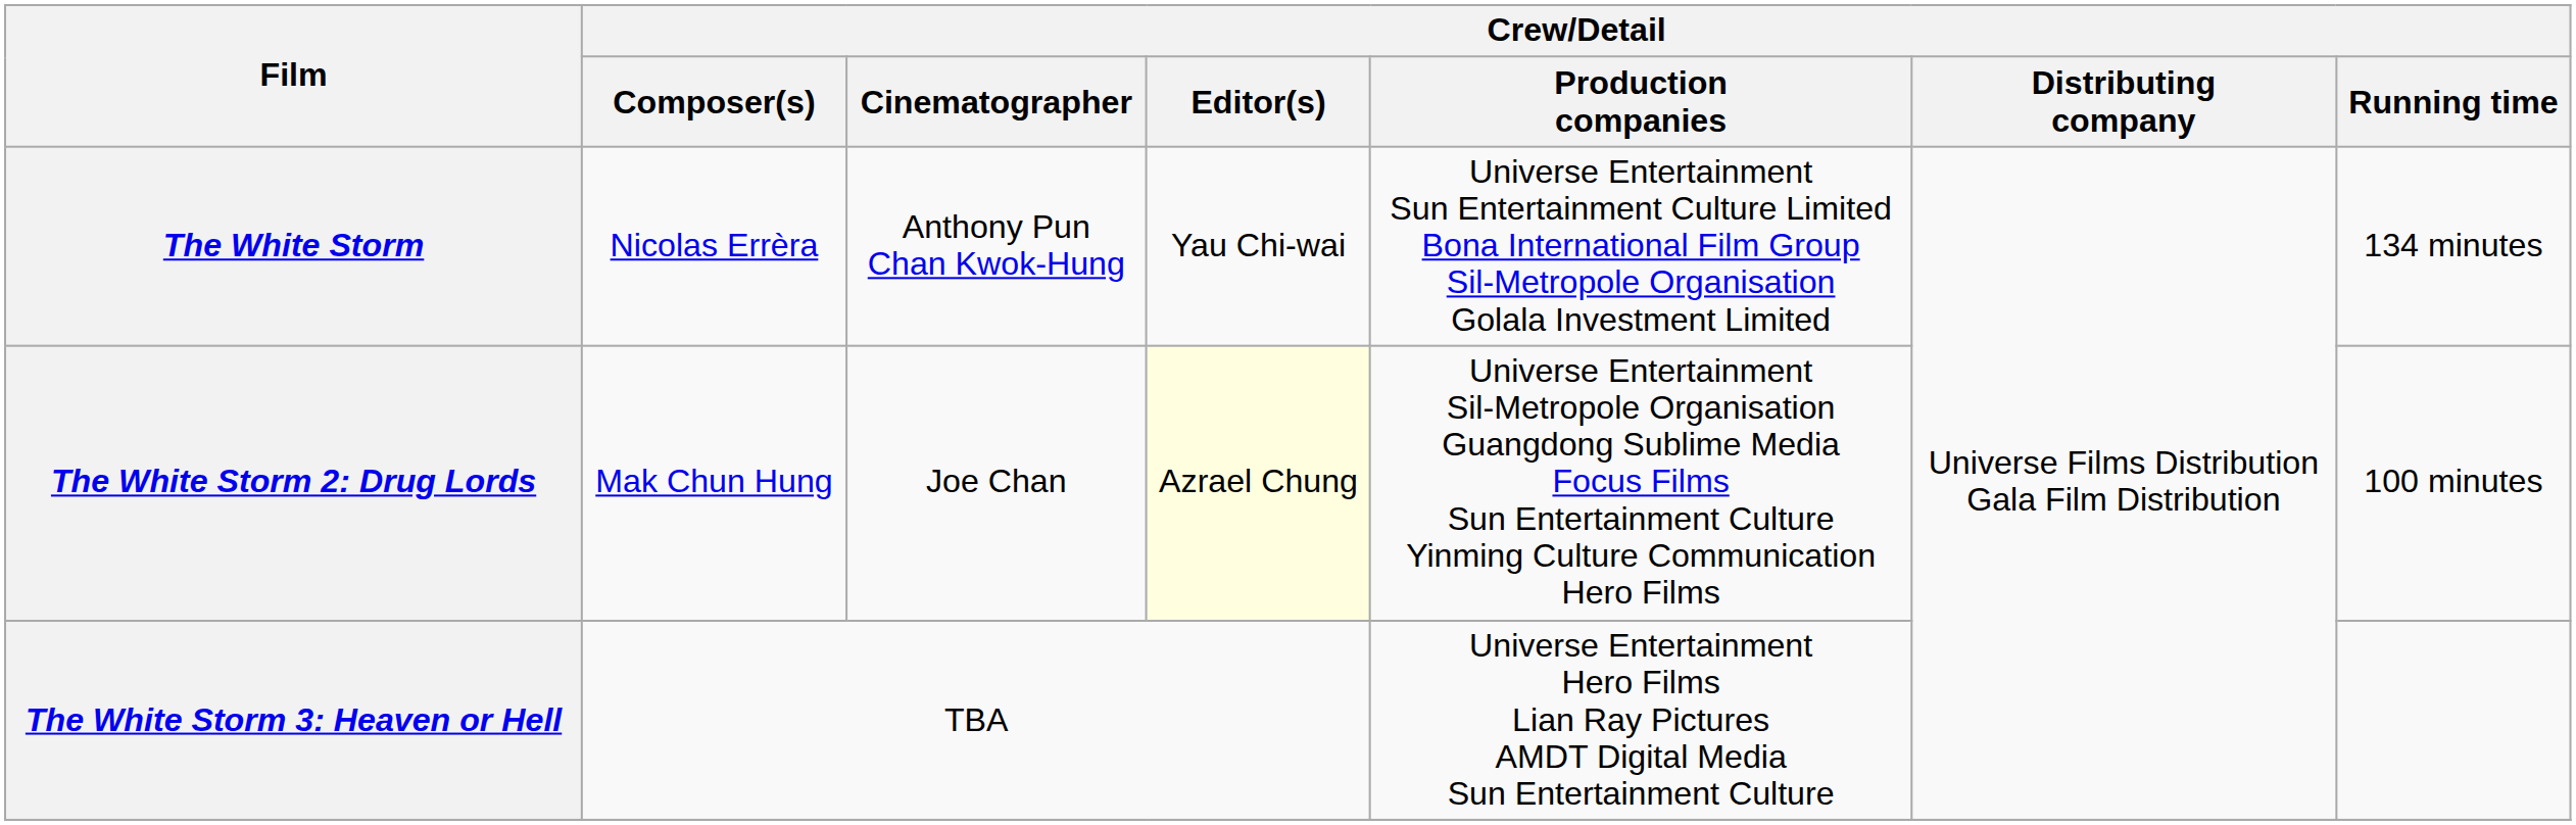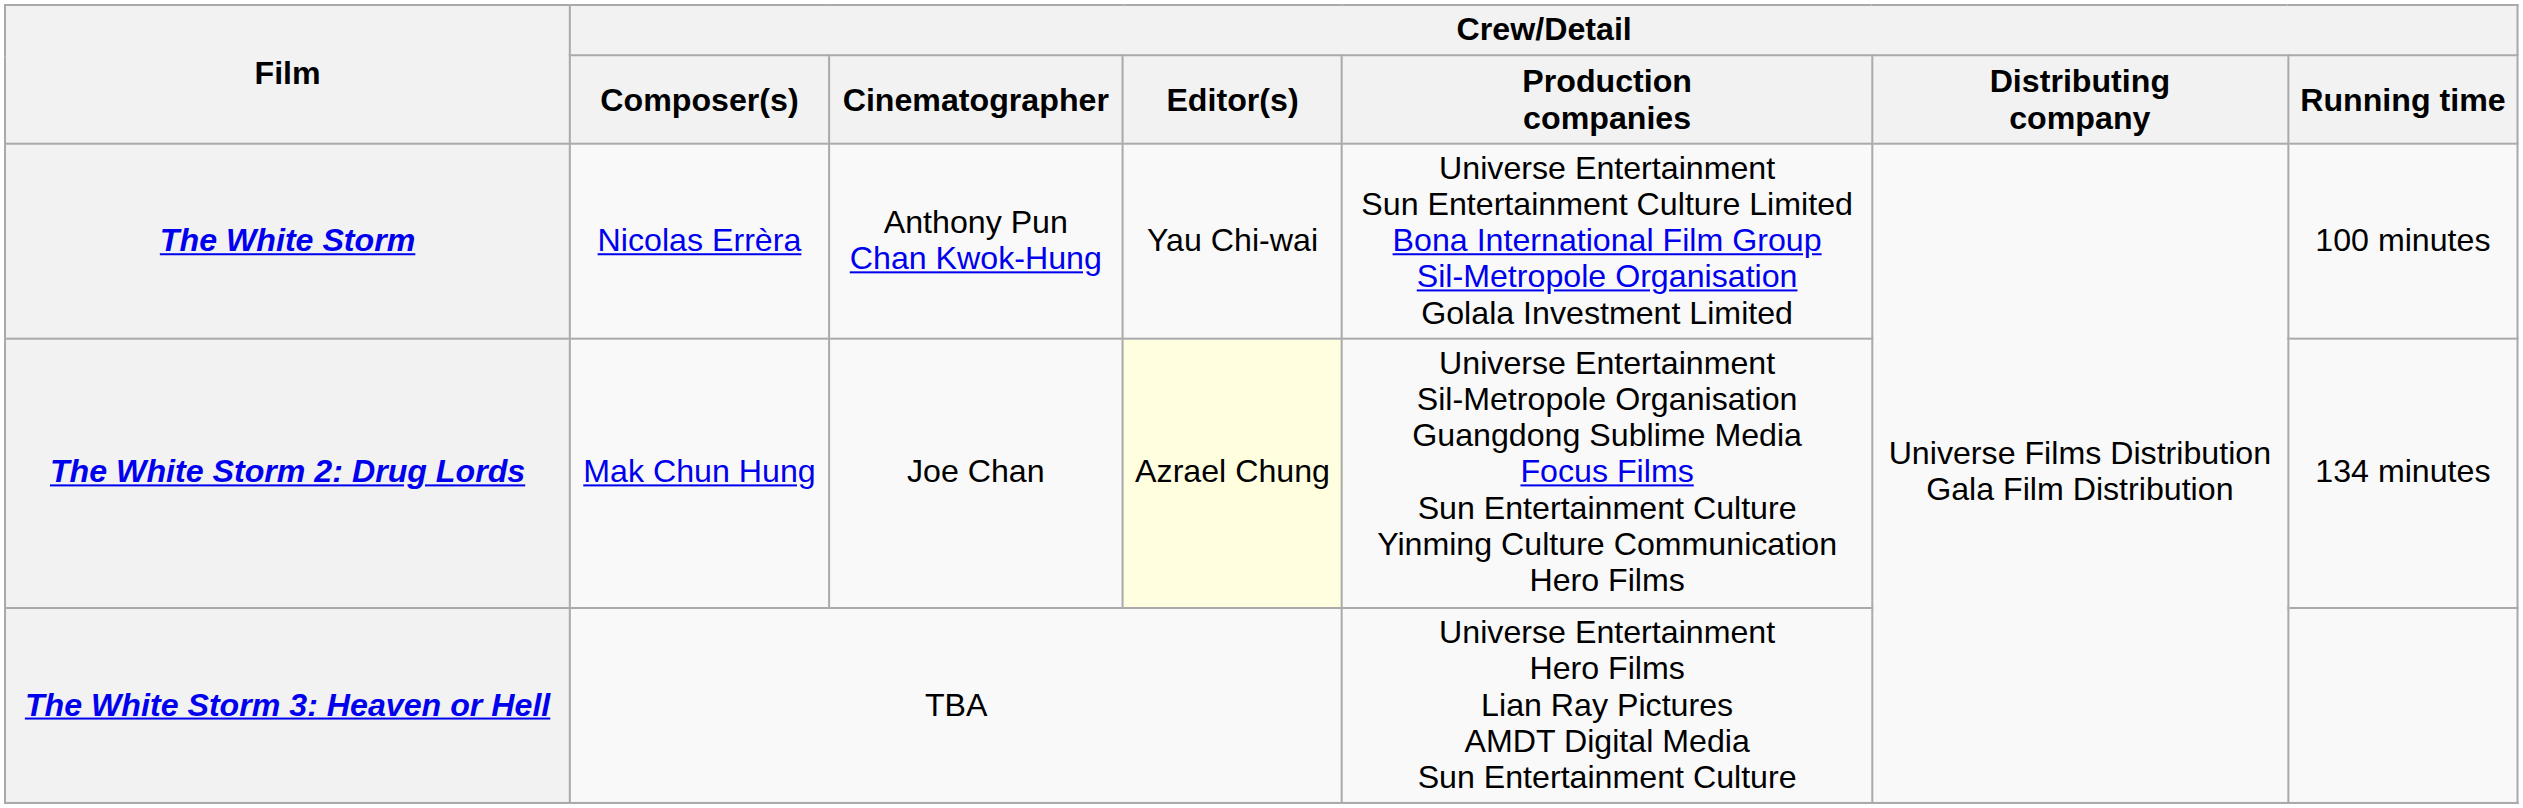 <table class="wikitable sortable" style="text-align:center; width:99%;">
 <tr>
 <th rowspan="2">Film</th>
 <th colspan="8">Crew/Detail</th>
 </tr>
 <tr>
 <th>Composer(s)</th>
 <th>Cinematographer</th>
 <th>Editor(s)</th>
 <th>Production<br>companies</th>
 <th>Distributing<br>company</th>
 <th>Running time</th>
 </tr>
 <tr>
 <th><em><a href='#'>The White Storm</a></em></th>
 <td><a href='#'>Nicolas Errèra</a></td>
 <td>Anthony Pun<br><a href='#'>Chan Kwok-Hung</a></td>
 <td>Yau Chi-wai</td>
 <td>Universe Entertainment <br> Sun Entertainment Culture Limited <br> <a href='#'>Bona International Film Group</a> <br> <a href='#'>Sil-Metropole Organisation</a> <br> Golala Investment Limited</td>
 <td rowspan="3">Universe Films Distribution <br>Gala Film Distribution </td>
-<td>134 minutes</td>
+<td>100 minutes</td>
 </tr>
 <tr>
 <th><em><a href='#'>The White Storm 2: Drug Lords</a></em></th>
 <td><a href='#'>Mak Chun Hung</a></td>
 <td>Joe Chan</td>
 <td style="background: lightyellow;">Azrael Chung</td>
 <td>Universe Entertainment<br>Sil-Metropole Organisation<br>Guangdong Sublime Media<br><a href='#'>Focus Films</a><br>Sun Entertainment Culture<br>Yinming Culture Communication<br>Hero Films</td>
-<td>100 minutes</td>
+<td>134 minutes</td>
 </tr>
 <tr>
 <th><em><a href='#'>The White Storm 3: Heaven or Hell</a></em></th>
 <td colspan="3">TBA</td>
 <td>Universe Entertainment<br>Hero Films<br>Lian Ray Pictures<br>AMDT Digital Media<br>Sun Entertainment Culture</td>
 <td></td>
 </tr>
 <tr>
 </tr>
 </table>
